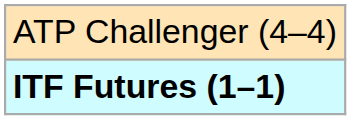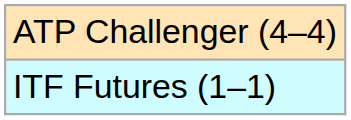 <table class=wikitable style=font-size:97%>
 <tr bgcolor=moccasin>
 <td>ATP Challenger (4–4)</td>
 </tr>
 <tr bgcolor=cffcff>
-<td><strong>ITF Futures (1–1)</strong></td>
+<td>ITF Futures (1–1)</td>
 </tr>
 </table>
